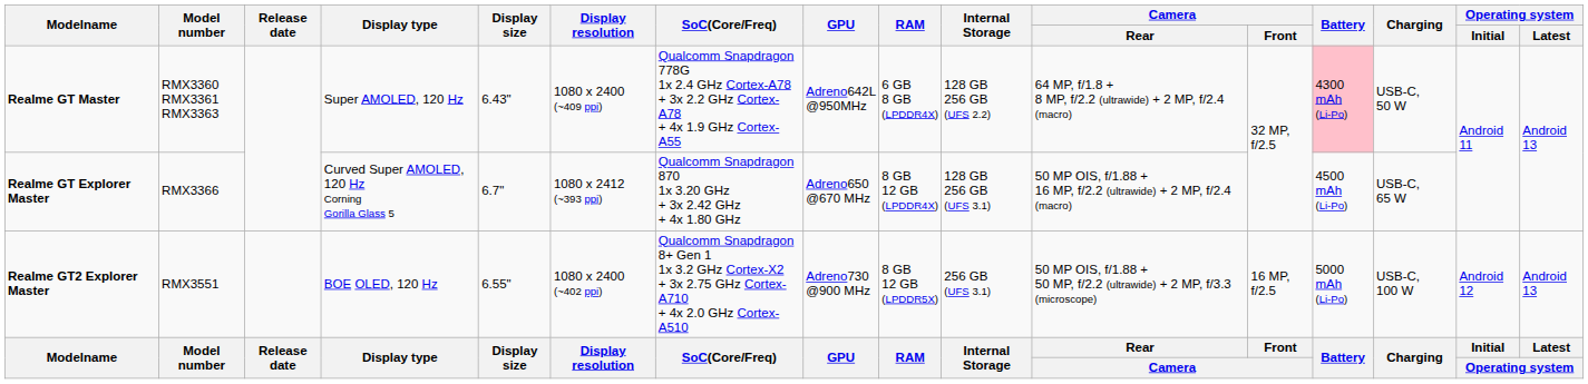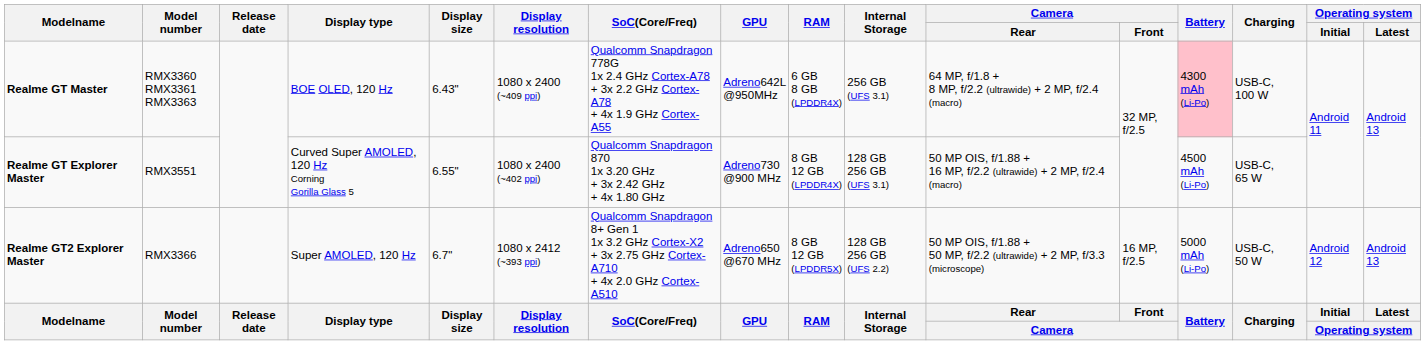 <table class="wikitable sortable mw-collapsible">
 <tr>
 <th rowspan="2">Modelname</th>
 <th rowspan="2">Model number</th>
 <th rowspan="2">Release date </th>
 <th rowspan="2">Display type</th>
 <th rowspan="2">Display size</th>
 <th rowspan="2"><a href='#'>Display resolution</a></th>
 <th rowspan="2"><a href='#'>SoC</a>(Core/Freq)</th>
 <th rowspan="2"><a href='#'>GPU</a></th>
 <th rowspan="2"><a href='#'>RAM</a></th>
 <th rowspan="2">Internal Storage</th>
 <th colspan="2"><a href='#'>Camera</a></th>
 <th rowspan="2"><a href='#'>Battery</a></th>
 <th rowspan="2">Charging</th>
 <th colspan="2"><a href='#'>Operating system</a></th>
 </tr>
 <tr>
 <th>Rear</th>
 <th>Front</th>
 <th>Initial</th>
 <th>Latest</th>
 </tr>
 <tr>
 <td><strong>Realme GT Master</strong> </td>
 <td>RMX3360<br>RMX3361<br>RMX3363</td>
 <td rowspan="2"></td>
-<td>Super <a href='#'>AMOLED</a>, 120 <a href='#'>Hz</a></td>
+<td><a href='#'>BOE</a> <a href='#'>OLED</a>, 120 <a href='#'>Hz</a></td>
 <td>6.43"</td>
 <td>1080 x 2400<br><small>(~409 <a href='#'>ppi</a>)</small></td>
 <td><a href='#'>Qualcomm Snapdragon</a> <br>778G<br>1x 2.4 GHz <a href='#'>Cortex-A78</a> <br>+ 3x 2.2 GHz <a href='#'>Cortex-A78</a> <br>+ 4x 1.9 GHz <a href='#'>Cortex-A55</a></td>
 <td><a href='#'>Adreno</a>642L <br>@950MHz</td>
 <td>6 GB <br>8 GB<br><small>(<a href='#'>LPDDR4X</a>)</small></td>
-<td>128 GB <br>256 GB<br><small>(<a href='#'>UFS</a> 2.2)</small></td>
+<td>256 GB<br><small>(<a href='#'>UFS</a> 3.1)</small></td>
 <td>64 MP, f/1.8 +<br>8 MP, f/2.2 <small>(ultrawide)</small> + 2 MP, f/2.4 <small>(macro)</small></td>
 <td rowspan="2">32 MP, f/2.5</td>
 <td style="background: pink;">4300 <a href='#'>mAh</a><br><small>(<a href='#'>Li-Po</a>)</small></td>
-<td>USB-C, 50 W</td>
+<td>USB-C, 100 W</td>
 <td rowspan="2"><a href='#'>Android 11</a></td>
 <td rowspan="2"><a href='#'>Android 13</a></td>
 </tr>
 <tr>
 <td><strong>Realme GT Explorer Master</strong> </td>
-<td>RMX3366</td>
+<td>RMX3551</td>
 <td>Curved Super <a href='#'>AMOLED</a>, 120 <a href='#'>Hz</a><br><small>Corning <br><a href='#'>Gorilla Glass</a> 5</small></td>
-<td>6.7"</td>
-<td>1080 x 2412<br><small>(~393 <a href='#'>ppi</a>)</small></td>
+<td>6.55"</td>
+<td>1080 x 2400<br><small>(~402 <a href='#'>ppi</a>)</small></td>
 <td><a href='#'>Qualcomm Snapdragon</a> <br>870<br>1x 3.20 GHz <br>+ 3x 2.42 GHz <br>+ 4x 1.80 GHz</td>
-<td><a href='#'>Adreno</a>650 <br>@670 MHz</td>
+<td><a href='#'>Adreno</a>730<br>@900 MHz</td>
 <td>8 GB <br>12 GB<br><small>(<a href='#'>LPDDR4X</a>)</small></td>
 <td>128 GB<br>256 GB<br><small>(<a href='#'>UFS</a> 3.1)</small></td>
 <td>50 MP OIS, f/1.88 +<br>16 MP, f/2.2 <small>(ultrawide)</small> + 2 MP, f/2.4 <small>(macro)</small></td>
 <td>4500 <a href='#'>mAh</a><br><small>(<a href='#'>Li-Po</a>)</small></td>
 <td>USB-C, 65 W</td>
 </tr>
 <tr>
 <td><strong>Realme GT2 Explorer Master</strong> </td>
-<td>RMX3551</td>
+<td>RMX3366</td>
 <td></td>
-<td><a href='#'>BOE</a> <a href='#'>OLED</a>, 120 <a href='#'>Hz</a></td>
-<td>6.55"</td>
-<td>1080 x 2400<br><small>(~402 <a href='#'>ppi</a>)</small></td>
+<td>Super <a href='#'>AMOLED</a>, 120 <a href='#'>Hz</a></td>
+<td>6.7"</td>
+<td>1080 x 2412<br><small>(~393 <a href='#'>ppi</a>)</small></td>
 <td><a href='#'>Qualcomm Snapdragon</a> <br>8+ Gen 1<br>1x 3.2 GHz <a href='#'>Cortex-X2</a> <br>+ 3x 2.75 GHz <a href='#'>Cortex-A710</a> <br>+ 4x 2.0 GHz <a href='#'>Cortex-A510</a></td>
-<td><a href='#'>Adreno</a>730<br>@900 MHz</td>
+<td><a href='#'>Adreno</a>650 <br>@670 MHz</td>
 <td>8 GB<br>12 GB<br><small>(<a href='#'>LPDDR5X</a>)</small></td>
-<td>256 GB<br><small>(<a href='#'>UFS</a> 3.1)</small></td>
+<td>128 GB <br>256 GB<br><small>(<a href='#'>UFS</a> 2.2)</small></td>
 <td>50 MP OIS, f/1.88 +<br>50 MP, f/2.2 <small>(ultrawide)</small> +  2 MP, f/3.3 <small>(microscope)</small></td>
 <td>16 MP, f/2.5</td>
 <td>5000 <a href='#'>mAh</a><br><small>(<a href='#'>Li-Po</a>)</small></td>
-<td>USB-C, 100 W</td>
+<td>USB-C, 50 W</td>
 <td><a href='#'>Android 12</a></td>
 <td><a href='#'>Android 13</a></td>
 </tr>
 <tr>
 <th rowspan="2">Modelname</th>
 <th rowspan="2">Model number</th>
 <th rowspan="2">Release date </th>
 <th rowspan="2">Display type</th>
 <th rowspan="2">Display size</th>
 <th rowspan="2"><a href='#'>Display resolution</a></th>
 <th rowspan="2"><a href='#'>SoC</a>(Core/Freq)</th>
 <th rowspan="2"><a href='#'>GPU</a></th>
 <th rowspan="2"><a href='#'>RAM</a></th>
 <th rowspan="2">Internal Storage</th>
 <th>Rear</th>
 <th>Front</th>
 <th rowspan="2"><a href='#'>Battery</a></th>
 <th rowspan="2">Charging</th>
 <th>Initial</th>
 <th>Latest</th>
 </tr>
 <tr>
 <th colspan="2"><a href='#'>Camera</a></th>
 <th colspan="2"><a href='#'>Operating system</a></th>
 </tr>
 </table>
